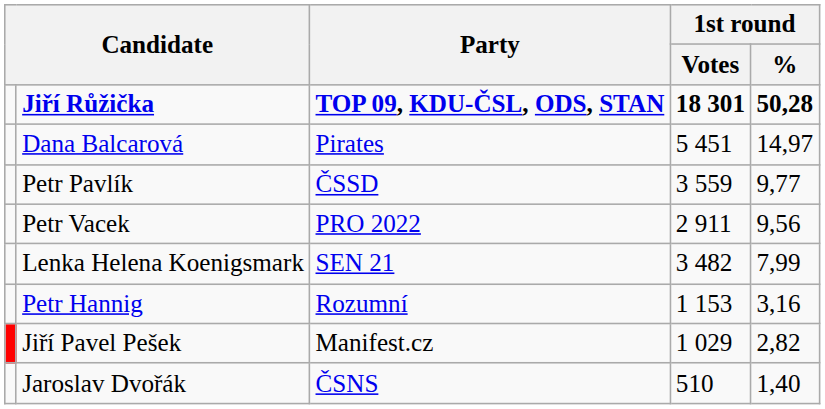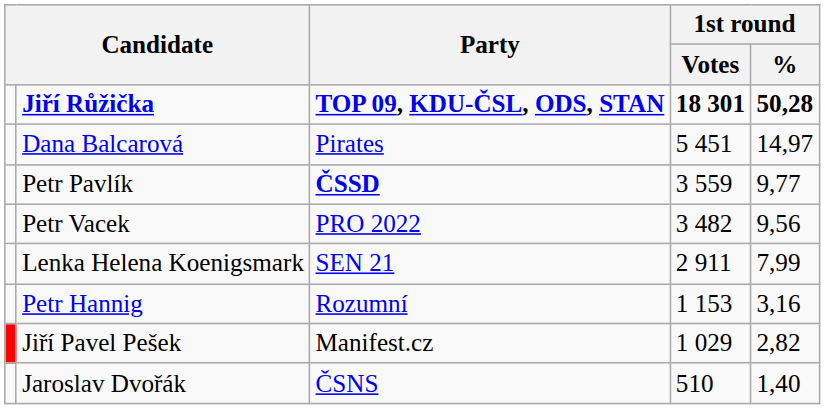 <table class="wikitable sortable">
 <tr>
 <th colspan="2" rowspan="2">Candidate</th>
 <th rowspan="2">Party</th>
 <th colspan="2">1st round</th>
 </tr>
 <tr>
 <th>Votes</th>
 <th>%</th>
 </tr>
 <tr>
 <td style="background-color:"></td>
 <td><strong><a href='#'>Jiří Růžička</a></strong></td>
 <td><strong><a href='#'>TOP 09</a>, <a href='#'>KDU-ČSL</a>, <a href='#'>ODS</a>, <a href='#'>STAN</a></strong></td>
 <td><strong>18 301</strong></td>
 <td><strong>50,28</strong></td>
 </tr>
 <tr>
 <td style="background-color:"></td>
 <td><a href='#'>Dana Balcarová</a></td>
 <td><a href='#'>Pirates</a></td>
 <td>5 451</td>
 <td>14,97</td>
 </tr>
 <tr>
 <td style="background-color:"></td>
 <td>Petr Pavlík</td>
-<td><a href='#'>ČSSD</a></td>
+<td><strong><a href='#'>ČSSD</a></strong></td>
 <td>3 559</td>
 <td>9,77</td>
 </tr>
 <tr>
 <td style="background-color:"></td>
 <td>Petr Vacek</td>
 <td><a href='#'>PRO 2022</a></td>
-<td>2 911</td>
+<td>3 482</td>
 <td>9,56</td>
 </tr>
 <tr>
 <td style="background-color:"></td>
 <td>Lenka Helena Koenigsmark</td>
 <td><a href='#'>SEN 21</a></td>
-<td>3 482</td>
+<td>2 911</td>
 <td>7,99</td>
 </tr>
 <tr>
 <td style="background-color:"></td>
 <td><a href='#'>Petr Hannig</a></td>
 <td><a href='#'>Rozumní</a></td>
 <td>1 153</td>
 <td>3,16</td>
 </tr>
 <tr>
 <td style="background-color:red"></td>
 <td>Jiří Pavel Pešek</td>
 <td>Manifest.cz</td>
 <td>1 029</td>
 <td>2,82</td>
 </tr>
 <tr>
 <td style="background-color:"></td>
 <td>Jaroslav Dvořák</td>
 <td><a href='#'>ČSNS</a></td>
 <td>510</td>
 <td>1,40</td>
 </tr>
 </table>
